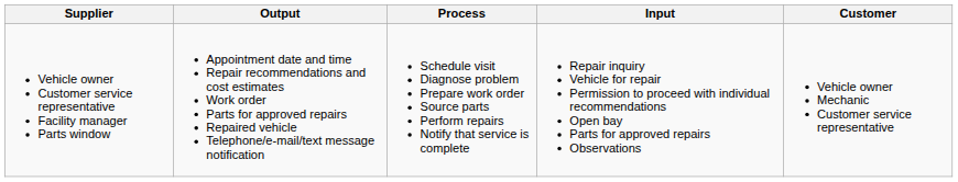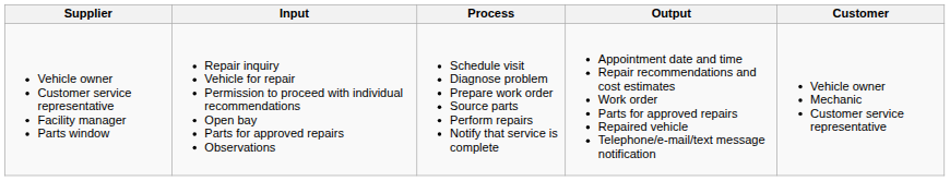 <table class="wikitable">
 <tr>
 <th>Supplier</th>
+<th>Input</th>
+<th>Process</th>
 <th>Output</th>
-<th>Process</th>
-<th>Input</th>
 <th>Customer</th>
 </tr>
 <tr>
 <td><br><ul><li>Vehicle owner</li><li>Customer service representative</li><li>Facility manager</li><li>Parts window</li></ul></td>
+<td><br><ul><li>Repair inquiry</li><li>Vehicle for repair</li><li>Permission to proceed with individual recommendations</li><li>Open bay</li><li>Parts for approved repairs</li><li>Observations</li></ul></td>
+<td><br><ul><li>Schedule visit</li><li>Diagnose problem</li><li>Prepare work order</li><li>Source parts</li><li>Perform repairs</li><li>Notify that service is complete</li></ul></td>
 <td><br><ul><li>Appointment date and time</li><li>Repair recommendations and cost estimates</li><li>Work order</li><li>Parts for approved repairs</li><li>Repaired vehicle</li><li>Telephone/e-mail/text message notification</li></ul></td>
-<td><br><ul><li>Schedule visit</li><li>Diagnose problem</li><li>Prepare work order</li><li>Source parts</li><li>Perform repairs</li><li>Notify that service is complete</li></ul></td>
-<td><br><ul><li>Repair inquiry</li><li>Vehicle for repair</li><li>Permission to proceed with individual recommendations</li><li>Open bay</li><li>Parts for approved repairs</li><li>Observations</li></ul></td>
 <td><br><ul><li>Vehicle owner</li><li>Mechanic</li><li>Customer service representative</li></ul></td>
 </tr>
 </table>
